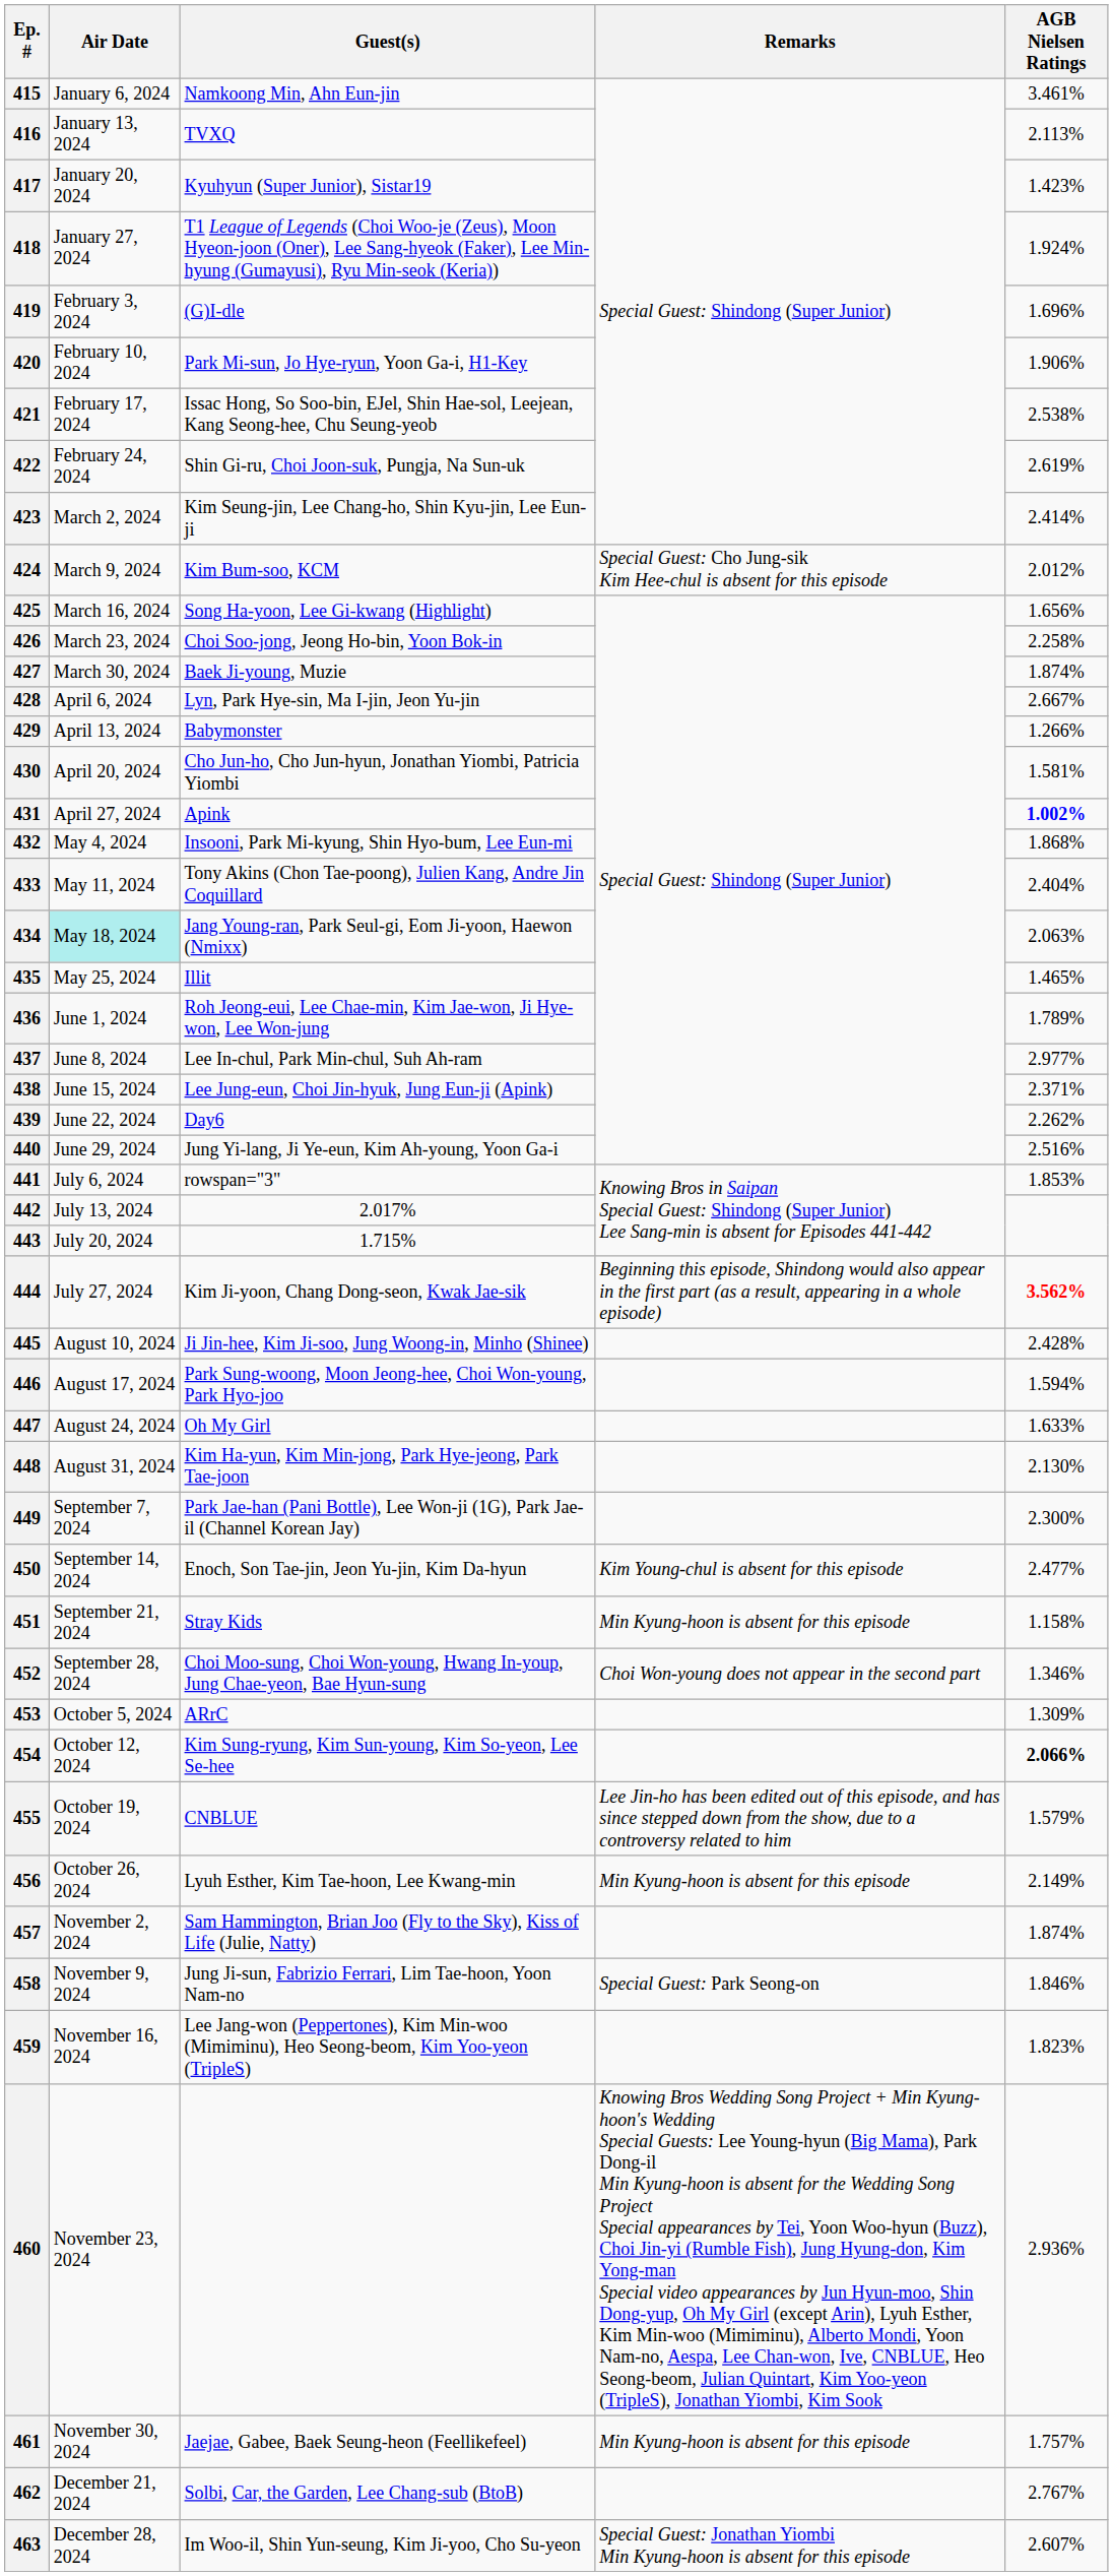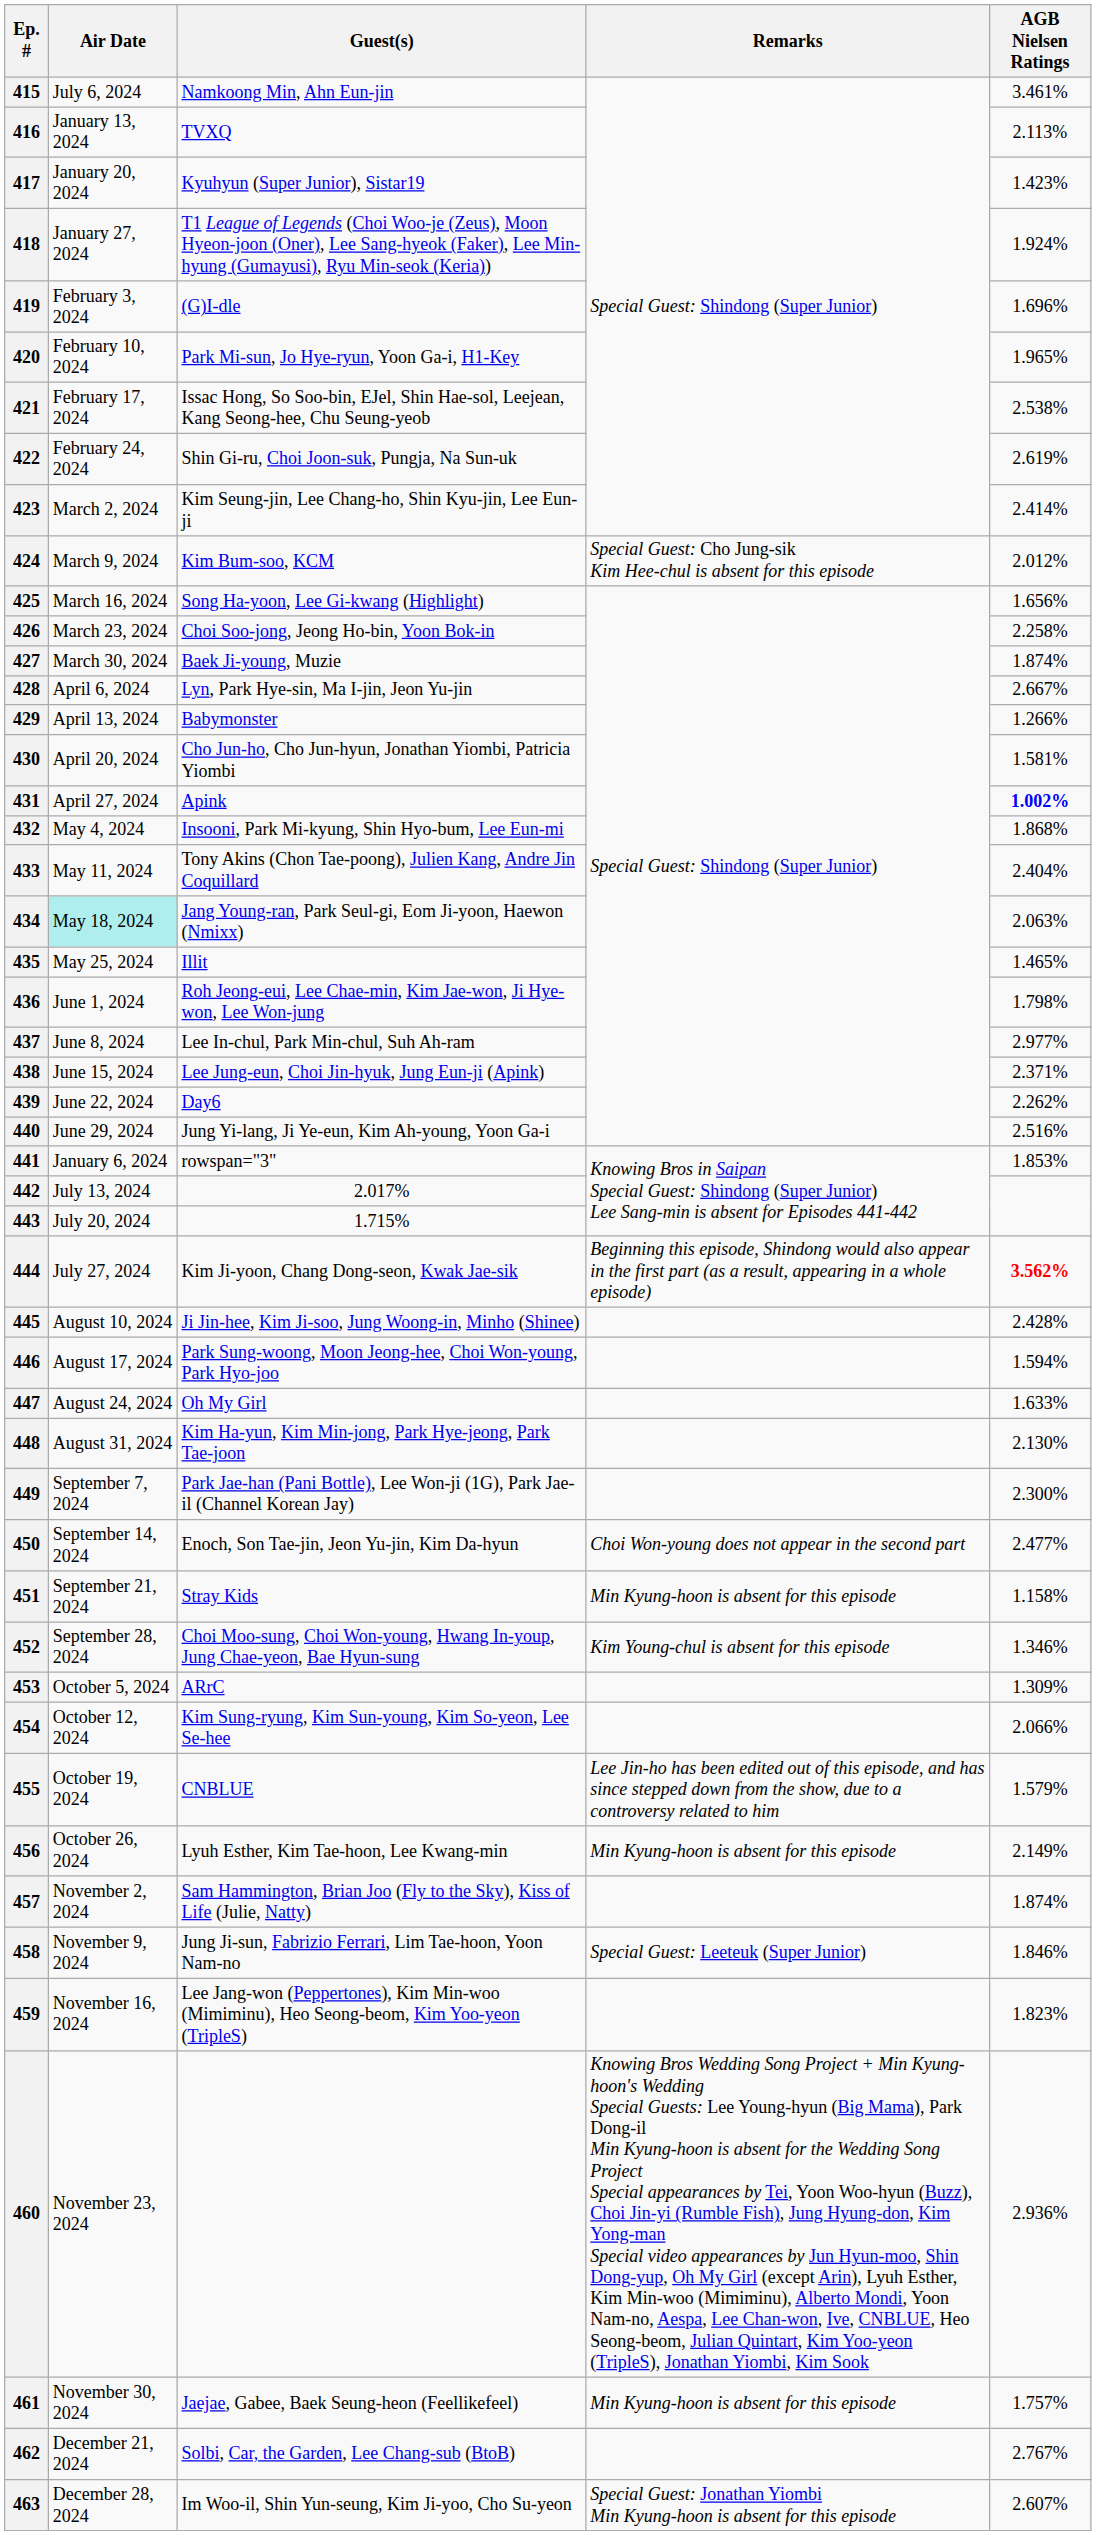 <table class="wikitable" style = "font-size: 90%;">
 <tr>
 <th width=35>Ep. #</th>
 <th width=130>Air Date</th>
 <th width=550>Guest(s)</th>
 <th width=550>Remarks</th>
 <th width=100>AGB Nielsen Ratings</th>
 </tr>
 <tr>
 <th>415</th>
-<td>January 6, 2024</td>
+<td>July 6, 2024</td>
 <td><a href='#'>Namkoong Min</a>, <a href='#'>Ahn Eun-jin</a></td>
 <td rowspan="9"><em>Special Guest:</em> <a href='#'>Shindong</a> (<a href='#'>Super Junior</a>)</td>
 <td style="text-align:center;">3.461%</td>
 </tr>
 <tr>
 <th>416</th>
 <td>January 13, 2024</td>
 <td><a href='#'>TVXQ</a></td>
 <td style="text-align:center;">2.113%</td>
 </tr>
 <tr>
 <th>417</th>
 <td>January 20, 2024</td>
 <td><a href='#'>Kyuhyun</a> (<a href='#'>Super Junior</a>), <a href='#'>Sistar19</a></td>
 <td style="text-align:center;">1.423%</td>
 </tr>
 <tr>
 <th>418</th>
 <td>January 27, 2024</td>
 <td><a href='#'>T1</a> <em><a href='#'>League of Legends</a></em> (<a href='#'>Choi Woo-je (Zeus)</a>, <a href='#'>Moon Hyeon-joon (Oner)</a>, <a href='#'>Lee Sang-hyeok (Faker)</a>, <a href='#'>Lee Min-hyung (Gumayusi)</a>, <a href='#'>Ryu Min-seok (Keria)</a>)</td>
 <td style="text-align:center;">1.924%</td>
 </tr>
 <tr>
 <th>419</th>
 <td>February 3, 2024</td>
 <td><a href='#'>(G)I-dle</a></td>
 <td style="text-align:center;">1.696%</td>
 </tr>
 <tr>
 <th>420</th>
 <td>February 10, 2024</td>
 <td><a href='#'>Park Mi-sun</a>, <a href='#'>Jo Hye-ryun</a>, Yoon Ga-i, <a href='#'>H1-Key</a></td>
-<td style="text-align:center;">1.906%</td>
+<td style="text-align:center;">1.965%</td>
 </tr>
 <tr>
 <th>421</th>
 <td>February 17, 2024</td>
 <td>Issac Hong, So Soo-bin, EJel, Shin Hae-sol, Leejean, Kang Seong-hee, Chu Seung-yeob</td>
 <td style="text-align:center;">2.538%</td>
 </tr>
 <tr>
 <th>422</th>
 <td>February 24, 2024</td>
 <td>Shin Gi-ru, <a href='#'>Choi Joon-suk</a>, Pungja, Na Sun-uk</td>
 <td style="text-align:center;">2.619%</td>
 </tr>
 <tr>
 <th>423</th>
 <td>March 2, 2024</td>
 <td>Kim Seung-jin, Lee Chang-ho, Shin Kyu-jin, Lee Eun-ji</td>
 <td style="text-align:center;">2.414%</td>
 </tr>
 <tr>
 <th>424</th>
 <td>March 9, 2024</td>
 <td><a href='#'>Kim Bum-soo</a>, <a href='#'>KCM</a></td>
 <td><em>Special Guest:</em> Cho Jung-sik<br><em>Kim Hee-chul is absent for this episode</em></td>
 <td style="text-align:center;">2.012%</td>
 </tr>
 <tr>
 <th>425</th>
 <td>March 16, 2024</td>
 <td><a href='#'>Song Ha-yoon</a>, <a href='#'>Lee Gi-kwang</a> (<a href='#'>Highlight</a>)</td>
 <td rowspan="16"><em>Special Guest:</em> <a href='#'>Shindong</a> (<a href='#'>Super Junior</a>)</td>
 <td style="text-align:center;">1.656%</td>
 </tr>
 <tr>
 <th>426</th>
 <td>March 23, 2024</td>
 <td><a href='#'>Choi Soo-jong</a>, Jeong Ho-bin, <a href='#'>Yoon Bok-in</a></td>
 <td style="text-align:center;">2.258%</td>
 </tr>
 <tr>
 <th>427</th>
 <td>March 30, 2024</td>
 <td><a href='#'>Baek Ji-young</a>, Muzie</td>
 <td style="text-align:center;">1.874%</td>
 </tr>
 <tr>
 <th>428</th>
 <td>April 6, 2024</td>
 <td><a href='#'>Lyn</a>, Park Hye-sin, Ma I-jin, Jeon Yu-jin</td>
 <td style="text-align:center;">2.667%</td>
 </tr>
 <tr>
 <th>429</th>
 <td>April 13, 2024</td>
 <td><a href='#'>Babymonster</a></td>
 <td style="text-align:center;">1.266%</td>
 </tr>
 <tr>
 <th>430</th>
 <td>April 20, 2024</td>
 <td><a href='#'>Cho Jun-ho</a>, Cho Jun-hyun, Jonathan Yiombi, Patricia Yiombi</td>
 <td style="text-align:center;">1.581%</td>
 </tr>
 <tr>
 <th>431</th>
 <td>April 27, 2024</td>
 <td><a href='#'>Apink</a></td>
 <td style="text-align:center; color:blue"><strong>1.002%</strong></td>
 </tr>
 <tr>
 <th>432</th>
 <td>May 4, 2024</td>
 <td><a href='#'>Insooni</a>, Park Mi-kyung, Shin Hyo-bum, <a href='#'>Lee Eun-mi</a></td>
 <td style="text-align:center;">1.868%</td>
 </tr>
 <tr>
 <th>433</th>
 <td>May 11, 2024</td>
 <td>Tony Akins (Chon Tae-poong), <a href='#'>Julien Kang</a>, <a href='#'>Andre Jin Coquillard</a></td>
 <td style="text-align:center;">2.404%</td>
 </tr>
 <tr>
 <th>434</th>
 <td style="background: paleturquoise;">May 18, 2024</td>
 <td><a href='#'>Jang Young-ran</a>, Park Seul-gi, Eom Ji-yoon, Haewon (<a href='#'>Nmixx</a>)</td>
 <td style="text-align:center;">2.063%</td>
 </tr>
 <tr>
 <th>435</th>
 <td>May 25, 2024</td>
 <td><a href='#'>Illit</a></td>
 <td style="text-align:center;">1.465%</td>
 </tr>
 <tr>
 <th>436</th>
 <td>June 1, 2024</td>
 <td><a href='#'>Roh Jeong-eui</a>, <a href='#'>Lee Chae-min</a>, <a href='#'>Kim Jae-won</a>, <a href='#'>Ji Hye-won</a>, <a href='#'>Lee Won-jung</a></td>
-<td style="text-align:center;">1.789%</td>
+<td style="text-align:center;">1.798%</td>
 </tr>
 <tr>
 <th>437</th>
 <td>June 8, 2024</td>
 <td>Lee In-chul, Park Min-chul, Suh Ah-ram</td>
 <td style="text-align:center;">2.977%</td>
 </tr>
 <tr>
 <th>438</th>
 <td>June 15, 2024</td>
 <td><a href='#'>Lee Jung-eun</a>, <a href='#'>Choi Jin-hyuk</a>, <a href='#'>Jung Eun-ji</a> (<a href='#'>Apink</a>)</td>
 <td style="text-align:center;">2.371%</td>
 </tr>
 <tr>
 <th>439</th>
 <td>June 22, 2024</td>
 <td><a href='#'>Day6</a></td>
 <td style="text-align:center;">2.262%</td>
 </tr>
 <tr>
 <th>440</th>
 <td>June 29, 2024</td>
 <td>Jung Yi-lang, Ji Ye-eun, Kim Ah-young, Yoon Ga-i</td>
 <td style="text-align:center;">2.516%</td>
 </tr>
 <tr>
 <th>441</th>
-<td>July 6, 2024</td>
+<td>January 6, 2024</td>
 <td>rowspan="3" </td>
 <td rowspan="3"><em>Knowing Bros in <a href='#'>Saipan</a></em><br><em>Special Guest:</em> <a href='#'>Shindong</a> (<a href='#'>Super Junior</a>)<br><em>Lee Sang-min is absent for Episodes 441-442</em></td>
 <td style="text-align:center;">1.853%</td>
 </tr>
 <tr>
 <th>442</th>
 <td>July 13, 2024</td>
 <td style="text-align:center;">2.017%</td>
 </tr>
 <tr>
 <th>443</th>
 <td>July 20, 2024</td>
 <td style="text-align:center;">1.715%</td>
 </tr>
 <tr>
 <th>444</th>
 <td>July 27, 2024</td>
 <td>Kim Ji-yoon, Chang Dong-seon, <a href='#'>Kwak Jae-sik</a></td>
 <td><em>Beginning this episode, Shindong would also appear in the first part (as a result, appearing in a whole episode)</em></td>
 <td style="text-align:center;color:red"><strong>3.562%</strong></td>
 </tr>
 <tr>
 <th>445</th>
 <td>August 10, 2024</td>
 <td><a href='#'>Ji Jin-hee</a>, <a href='#'>Kim Ji-soo</a>, <a href='#'>Jung Woong-in</a>, <a href='#'>Minho</a> (<a href='#'>Shinee</a>)</td>
 <td></td>
 <td style="text-align:center;">2.428%</td>
 </tr>
 <tr>
 <th>446</th>
 <td>August 17, 2024</td>
 <td><a href='#'>Park Sung-woong</a>, <a href='#'>Moon Jeong-hee</a>, <a href='#'>Choi Won-young</a>, <a href='#'>Park Hyo-joo</a></td>
 <td></td>
 <td style="text-align:center;">1.594%</td>
 </tr>
 <tr>
 <th>447</th>
 <td>August 24, 2024</td>
 <td><a href='#'>Oh My Girl</a></td>
 <td></td>
 <td style="text-align:center;">1.633%</td>
 </tr>
 <tr>
 <th>448</th>
 <td>August 31, 2024</td>
 <td><a href='#'>Kim Ha-yun</a>, <a href='#'>Kim Min-jong</a>, <a href='#'>Park Hye-jeong</a>, <a href='#'>Park Tae-joon</a></td>
 <td></td>
 <td style="text-align:center;">2.130%</td>
 </tr>
 <tr>
 <th>449</th>
 <td>September 7, 2024</td>
 <td><a href='#'>Park Jae-han (Pani Bottle)</a>, Lee Won-ji (1G), Park Jae-il (Channel Korean Jay)</td>
 <td></td>
 <td style="text-align:center;">2.300%</td>
 </tr>
 <tr>
 <th>450</th>
 <td>September 14, 2024</td>
 <td>Enoch, Son Tae-jin, Jeon Yu-jin, Kim Da-hyun</td>
-<td><em>Kim Young-chul is absent for this episode</em></td>
+<td><em>Choi Won-young does not appear in the second part</em></td>
 <td style="text-align:center;">2.477%</td>
 </tr>
 <tr>
 <th>451</th>
 <td>September 21, 2024</td>
 <td><a href='#'>Stray Kids</a></td>
 <td><em>Min Kyung-hoon is absent for this episode</em></td>
 <td style="text-align:center;">1.158%</td>
 </tr>
 <tr>
 <th>452</th>
 <td>September 28, 2024</td>
 <td><a href='#'>Choi Moo-sung</a>, <a href='#'>Choi Won-young</a>, <a href='#'>Hwang In-youp</a>, <a href='#'>Jung Chae-yeon</a>, <a href='#'>Bae Hyun-sung</a></td>
-<td><em>Choi Won-young does not appear in the second part</em></td>
+<td><em>Kim Young-chul is absent for this episode</em></td>
 <td style="text-align:center;">1.346%</td>
 </tr>
 <tr>
 <th>453</th>
 <td>October 5, 2024</td>
 <td><a href='#'>ARrC</a></td>
 <td></td>
 <td style="text-align:center;">1.309%</td>
 </tr>
 <tr>
 <th>454</th>
 <td>October 12, 2024</td>
 <td><a href='#'>Kim Sung-ryung</a>, <a href='#'>Kim Sun-young</a>, <a href='#'>Kim So-yeon</a>, <a href='#'>Lee Se-hee</a></td>
 <td></td>
-<td style="text-align:center;"><strong>2.066%</strong></td>
+<td style="text-align:center;">2.066%</td>
 </tr>
 <tr>
 <th>455</th>
 <td>October 19, 2024</td>
 <td><a href='#'>CNBLUE</a></td>
 <td><em>Lee Jin-ho has been edited out of this episode, and has since stepped down from the show, due to a controversy related to him</em></td>
 <td style="text-align:center;">1.579%</td>
 </tr>
 <tr>
 <th>456</th>
 <td>October 26, 2024</td>
 <td>Lyuh Esther, Kim Tae-hoon, Lee Kwang-min</td>
 <td><em>Min Kyung-hoon is absent for this episode</em></td>
 <td style="text-align:center;">2.149%</td>
 </tr>
 <tr>
 <th>457</th>
 <td>November 2, 2024</td>
 <td><a href='#'>Sam Hammington</a>, <a href='#'>Brian Joo</a> (<a href='#'>Fly to the Sky</a>), <a href='#'>Kiss of Life</a> (Julie, <a href='#'>Natty</a>)</td>
 <td></td>
 <td style="text-align:center;">1.874%</td>
 </tr>
 <tr>
 <th>458</th>
 <td>November 9, 2024</td>
 <td>Jung Ji-sun, <a href='#'>Fabrizio Ferrari</a>, Lim Tae-hoon, Yoon Nam-no</td>
-<td><em>Special Guest:</em> Park Seong-on</td>
+<td><em>Special Guest:</em> <a href='#'>Leeteuk</a> (<a href='#'>Super Junior</a>)</td>
 <td style="text-align:center;">1.846%</td>
 </tr>
 <tr>
 <th>459</th>
 <td>November 16, 2024</td>
 <td>Lee Jang-won (<a href='#'>Peppertones</a>), Kim Min-woo (Mimiminu), Heo Seong-beom, <a href='#'>Kim Yoo-yeon</a> (<a href='#'>TripleS</a>)</td>
 <td></td>
 <td style="text-align:center;">1.823%</td>
 </tr>
 <tr>
 <th>460</th>
 <td>November 23, 2024</td>
 <td></td>
 <td><em>Knowing Bros Wedding Song Project + Min Kyung-hoon's Wedding</em><br><em>Special Guests:</em> Lee Young-hyun (<a href='#'>Big Mama</a>), Park Dong-il<br><em>Min Kyung-hoon is absent for the Wedding Song Project</em><br><em>Special appearances by</em> <a href='#'>Tei</a>, Yoon Woo-hyun (<a href='#'>Buzz</a>), <a href='#'>Choi Jin-yi (Rumble Fish)</a>, <a href='#'>Jung Hyung-don</a>, <a href='#'>Kim Yong-man</a><br><em>Special video appearances by</em> <a href='#'>Jun Hyun-moo</a>, <a href='#'>Shin Dong-yup</a>, <a href='#'>Oh My Girl</a> (except <a href='#'>Arin</a>), Lyuh Esther, Kim Min-woo (Mimiminu), <a href='#'>Alberto Mondi</a>, Yoon Nam-no, <a href='#'>Aespa</a>, <a href='#'>Lee Chan-won</a>, <a href='#'>Ive</a>, <a href='#'>CNBLUE</a>, Heo Seong-beom, <a href='#'>Julian Quintart</a>, <a href='#'>Kim Yoo-yeon</a> (<a href='#'>TripleS</a>), <a href='#'>Jonathan Yiombi</a>, <a href='#'>Kim Sook</a></td>
 <td style="text-align:center;">2.936%</td>
 </tr>
 <tr>
 <th>461</th>
 <td>November 30, 2024</td>
 <td><a href='#'>Jaejae</a>, Gabee, Baek Seung-heon (Feellikefeel)</td>
 <td><em>Min Kyung-hoon is absent for this episode</em></td>
 <td style="text-align:center;">1.757%</td>
 </tr>
 <tr>
 <th>462</th>
 <td>December 21, 2024</td>
 <td><a href='#'>Solbi</a>, <a href='#'>Car, the Garden</a>, <a href='#'>Lee Chang-sub</a> (<a href='#'>BtoB</a>)</td>
 <td></td>
 <td style="text-align:center;">2.767%</td>
 </tr>
 <tr>
 <th>463</th>
 <td>December 28, 2024</td>
 <td>Im Woo-il, Shin Yun-seung, Kim Ji-yoo, Cho Su-yeon</td>
 <td><em>Special Guest:</em> <a href='#'>Jonathan Yiombi</a><br><em>Min Kyung-hoon is absent for this episode</em></td>
 <td style="text-align:center;">2.607%</td>
 </tr>
 <tr>
 </tr>
 </table>
